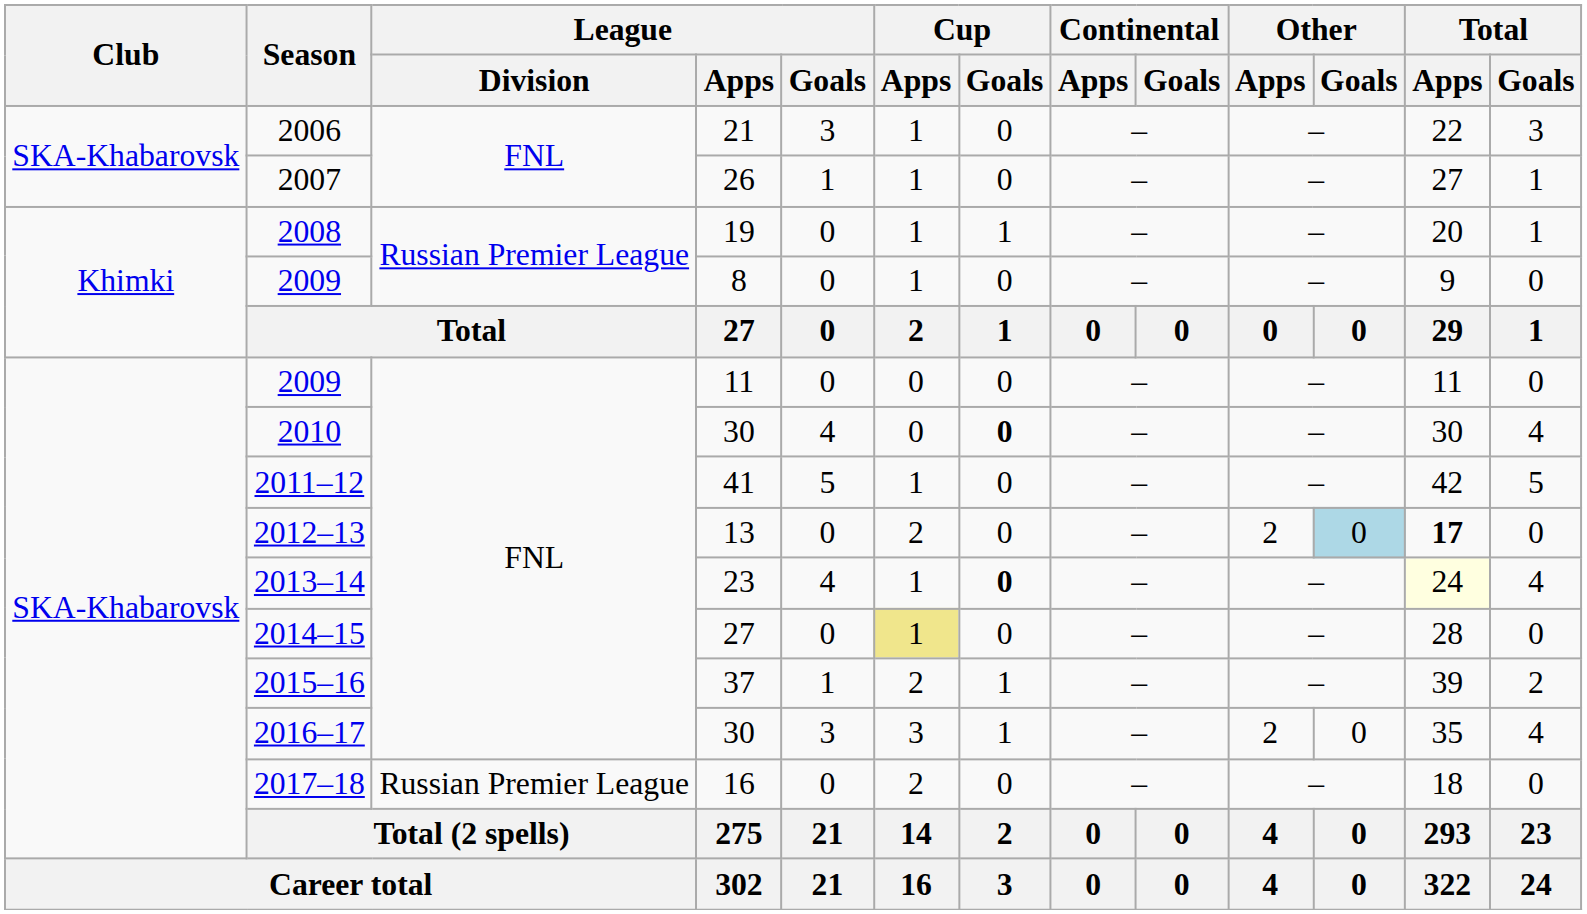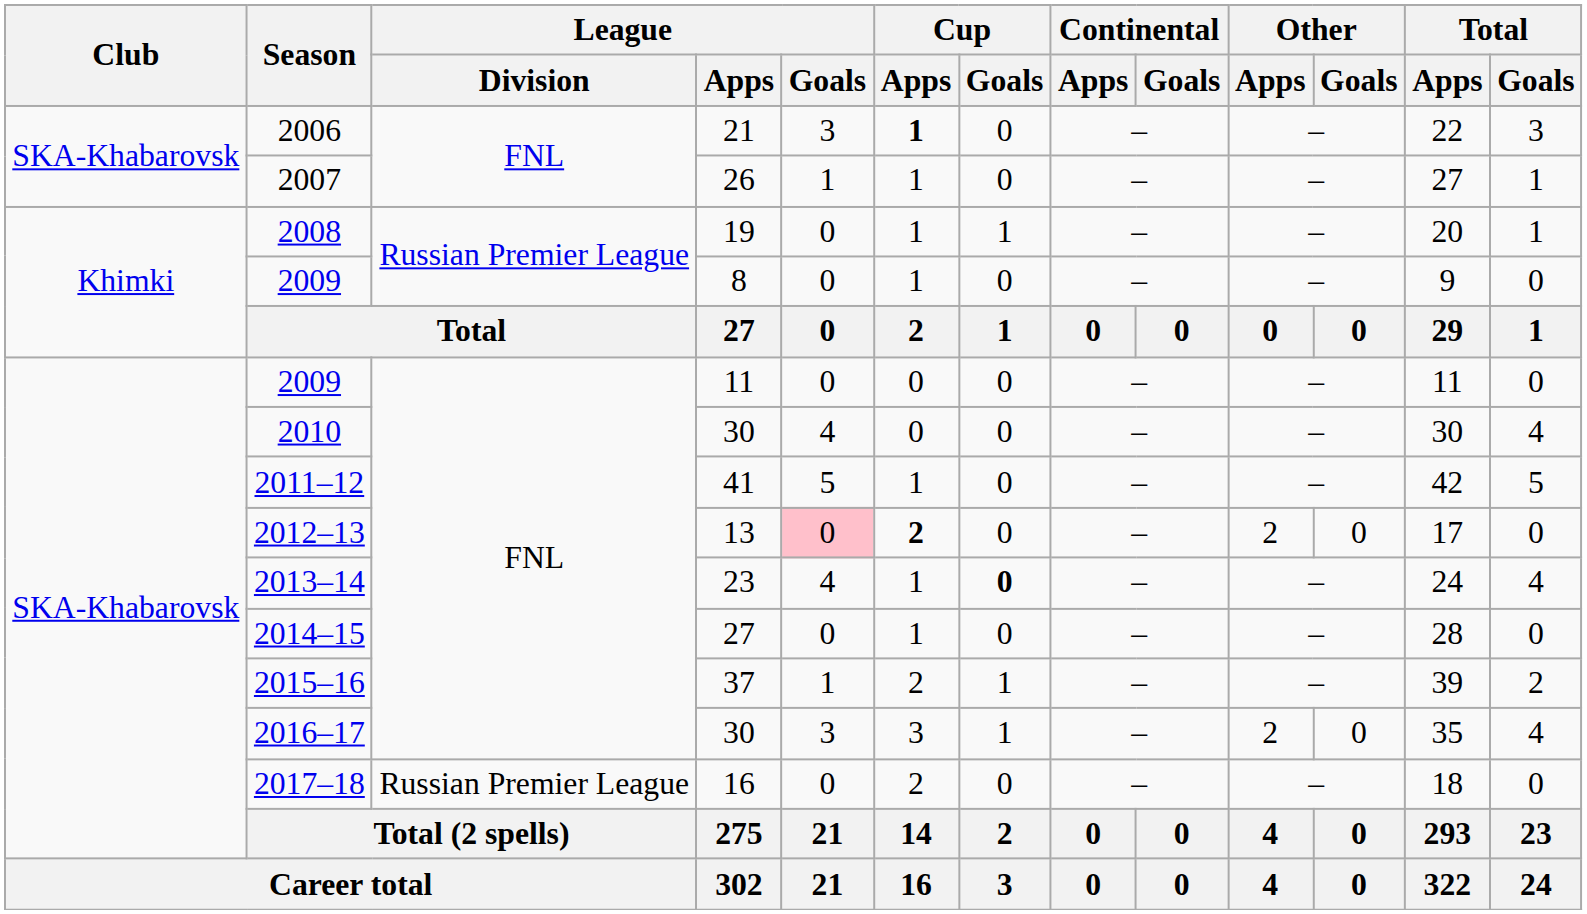 <table class="wikitable" style="text-align: center;">
 <tr>
 <th rowspan=2>Club</th>
 <th rowspan=2>Season</th>
 <th colspan=3>League</th>
 <th colspan=2>Cup</th>
 <th colspan=2>Continental</th>
 <th colspan=2>Other</th>
 <th colspan=2>Total</th>
 </tr>
 <tr>
 <th>Division</th>
 <th>Apps</th>
 <th>Goals</th>
 <th>Apps</th>
 <th>Goals</th>
 <th>Apps</th>
 <th>Goals</th>
 <th>Apps</th>
 <th>Goals</th>
 <th>Apps</th>
 <th>Goals</th>
 </tr>
 <tr>
 <td rowspan=2><a href='#'>SKA-Khabarovsk</a></td>
 <td>2006</td>
 <td rowspan=2><a href='#'>FNL</a></td>
 <td>21</td>
 <td>3</td>
-<td>1</td>
+<td><strong>1</strong></td>
 <td>0</td>
 <td colspan=2>–</td>
 <td colspan=2>–</td>
 <td>22</td>
 <td>3</td>
 </tr>
 <tr>
 <td>2007</td>
 <td>26</td>
 <td>1</td>
 <td>1</td>
 <td>0</td>
 <td colspan=2>–</td>
 <td colspan=2>–</td>
 <td>27</td>
 <td>1</td>
 </tr>
 <tr>
 <td rowspan=3><a href='#'>Khimki</a></td>
 <td><a href='#'>2008</a></td>
 <td rowspan=2><a href='#'>Russian Premier League</a></td>
 <td>19</td>
 <td>0</td>
 <td>1</td>
 <td>1</td>
 <td colspan=2>–</td>
 <td colspan=2>–</td>
 <td>20</td>
 <td>1</td>
 </tr>
 <tr>
 <td><a href='#'>2009</a></td>
 <td>8</td>
 <td>0</td>
 <td>1</td>
 <td>0</td>
 <td colspan=2>–</td>
 <td colspan=2>–</td>
 <td>9</td>
 <td>0</td>
 </tr>
 <tr>
 <th colspan=2>Total</th>
 <th>27</th>
 <th>0</th>
 <th>2</th>
 <th>1</th>
 <th>0</th>
 <th>0</th>
 <th>0</th>
 <th>0</th>
 <th>29</th>
 <th>1</th>
 </tr>
 <tr>
 <td rowspan=10><a href='#'>SKA-Khabarovsk</a></td>
 <td><a href='#'>2009</a></td>
 <td rowspan=8>FNL</td>
 <td>11</td>
 <td>0</td>
 <td>0</td>
 <td>0</td>
 <td colspan=2>–</td>
 <td colspan=2>–</td>
 <td>11</td>
 <td>0</td>
 </tr>
 <tr>
 <td><a href='#'>2010</a></td>
 <td>30</td>
 <td>4</td>
 <td>0</td>
-<td><strong>0</strong></td>
+<td>0</td>
 <td colspan=2>–</td>
 <td colspan=2>–</td>
 <td>30</td>
 <td>4</td>
 </tr>
 <tr>
 <td><a href='#'>2011–12</a></td>
 <td>41</td>
 <td>5</td>
 <td>1</td>
 <td>0</td>
 <td colspan=2>–</td>
 <td colspan=2>–</td>
 <td>42</td>
 <td>5</td>
 </tr>
 <tr>
 <td><a href='#'>2012–13</a></td>
 <td>13</td>
-<td>0</td>
-<td>2</td>
+<td style="background: pink;">0</td>
+<td><strong>2</strong></td>
 <td>0</td>
 <td colspan=2>–</td>
 <td>2</td>
-<td style="background: lightblue;">0</td>
-<td><strong>17</strong></td>
+<td>0</td>
+<td>17</td>
 <td>0</td>
 </tr>
 <tr>
 <td><a href='#'>2013–14</a></td>
 <td>23</td>
 <td>4</td>
 <td>1</td>
 <td><strong>0</strong></td>
 <td colspan=2>–</td>
 <td colspan=2>–</td>
-<td style="background: lightyellow;">24</td>
+<td>24</td>
 <td>4</td>
 </tr>
 <tr>
 <td><a href='#'>2014–15</a></td>
 <td>27</td>
 <td>0</td>
-<td style="background: khaki;">1</td>
+<td>1</td>
 <td>0</td>
 <td colspan=2>–</td>
 <td colspan=2>–</td>
 <td>28</td>
 <td>0</td>
 </tr>
 <tr>
 <td><a href='#'>2015–16</a></td>
 <td>37</td>
 <td>1</td>
 <td>2</td>
 <td>1</td>
 <td colspan=2>–</td>
 <td colspan=2>–</td>
 <td>39</td>
 <td>2</td>
 </tr>
 <tr>
 <td><a href='#'>2016–17</a></td>
 <td>30</td>
 <td>3</td>
 <td>3</td>
 <td>1</td>
 <td colspan=2>–</td>
 <td>2</td>
 <td>0</td>
 <td>35</td>
 <td>4</td>
 </tr>
 <tr>
 <td><a href='#'>2017–18</a></td>
 <td>Russian Premier League</td>
 <td>16</td>
 <td>0</td>
 <td>2</td>
 <td>0</td>
 <td colspan=2>–</td>
 <td colspan=2>–</td>
 <td>18</td>
 <td>0</td>
 </tr>
 <tr>
 <th colspan=2>Total (2 spells)</th>
 <th>275</th>
 <th>21</th>
 <th>14</th>
 <th>2</th>
 <th>0</th>
 <th>0</th>
 <th>4</th>
 <th>0</th>
 <th>293</th>
 <th>23</th>
 </tr>
 <tr>
 <th colspan=3>Career total</th>
 <th>302</th>
 <th>21</th>
 <th>16</th>
 <th>3</th>
 <th>0</th>
 <th>0</th>
 <th>4</th>
 <th>0</th>
 <th>322</th>
 <th>24</th>
 </tr>
 <tr>
 </tr>
 </table>
